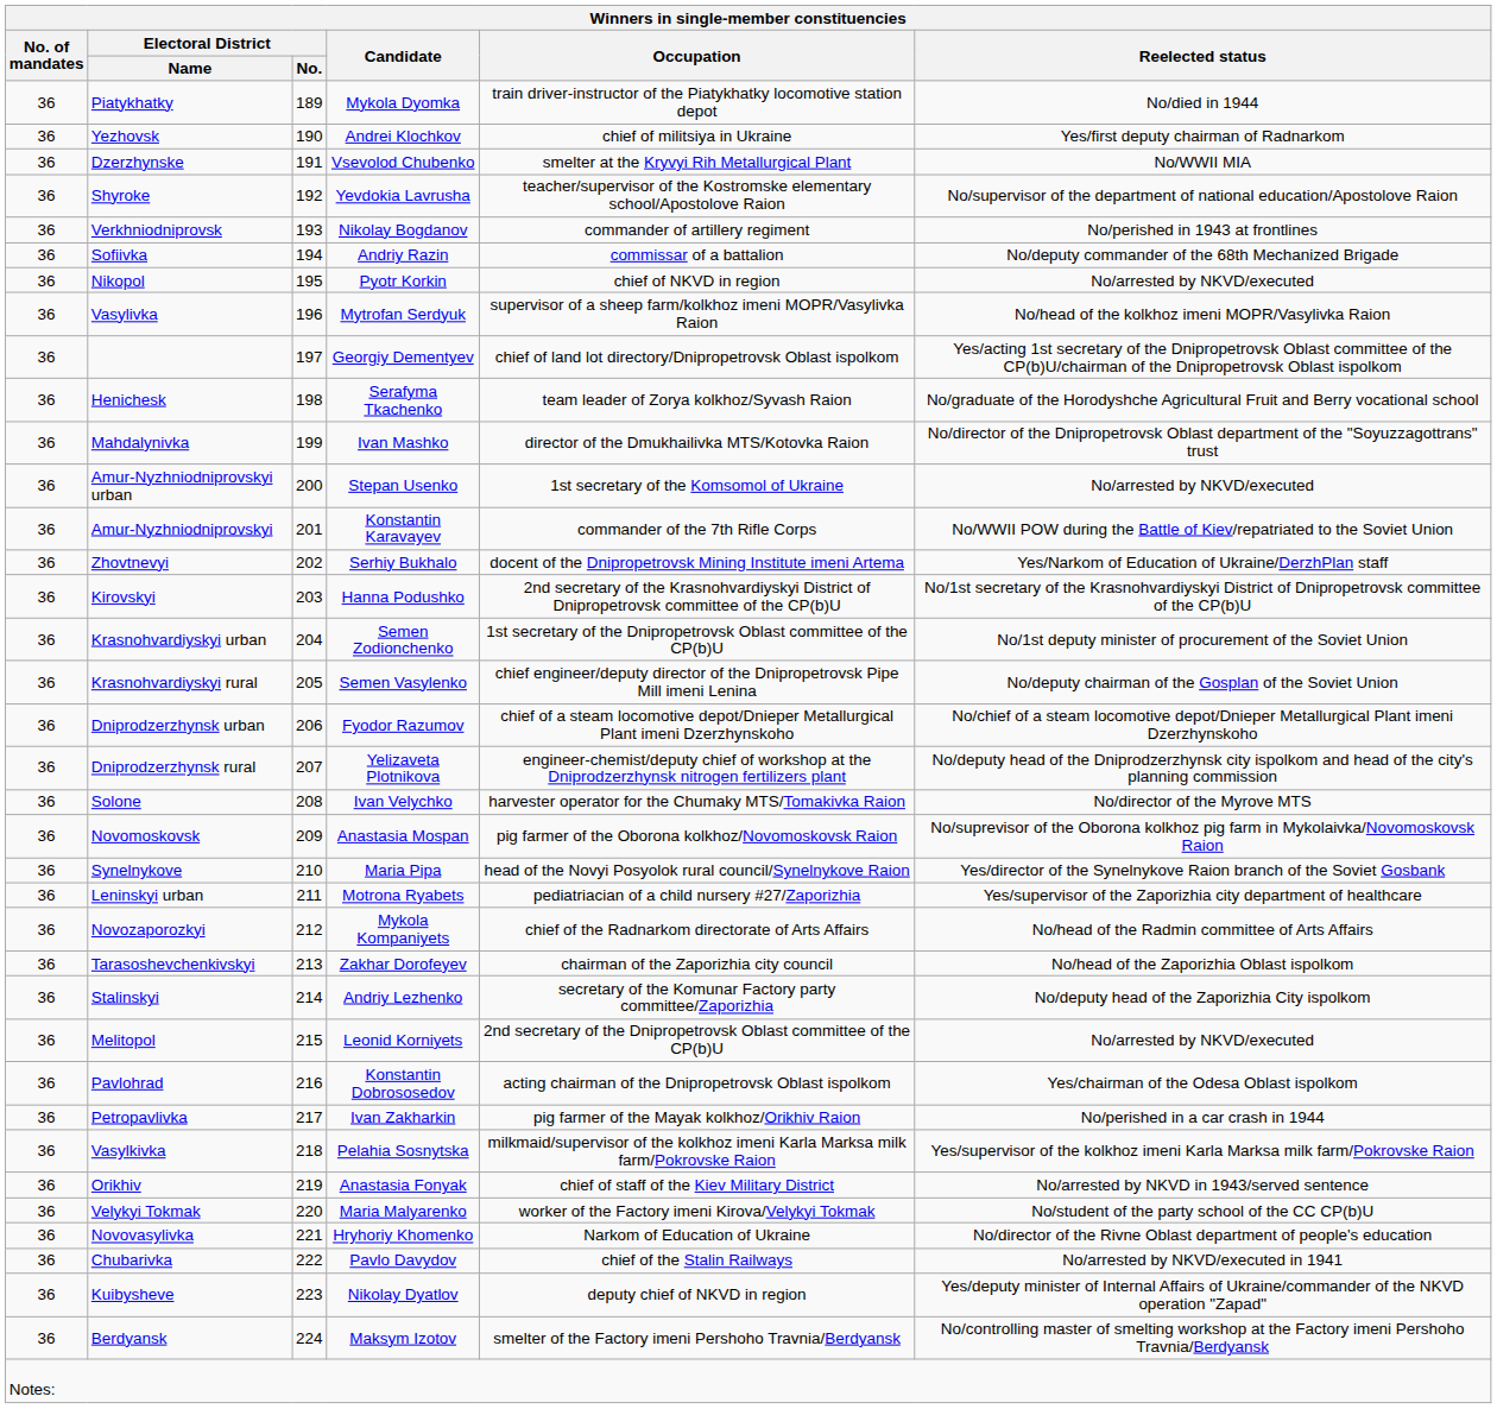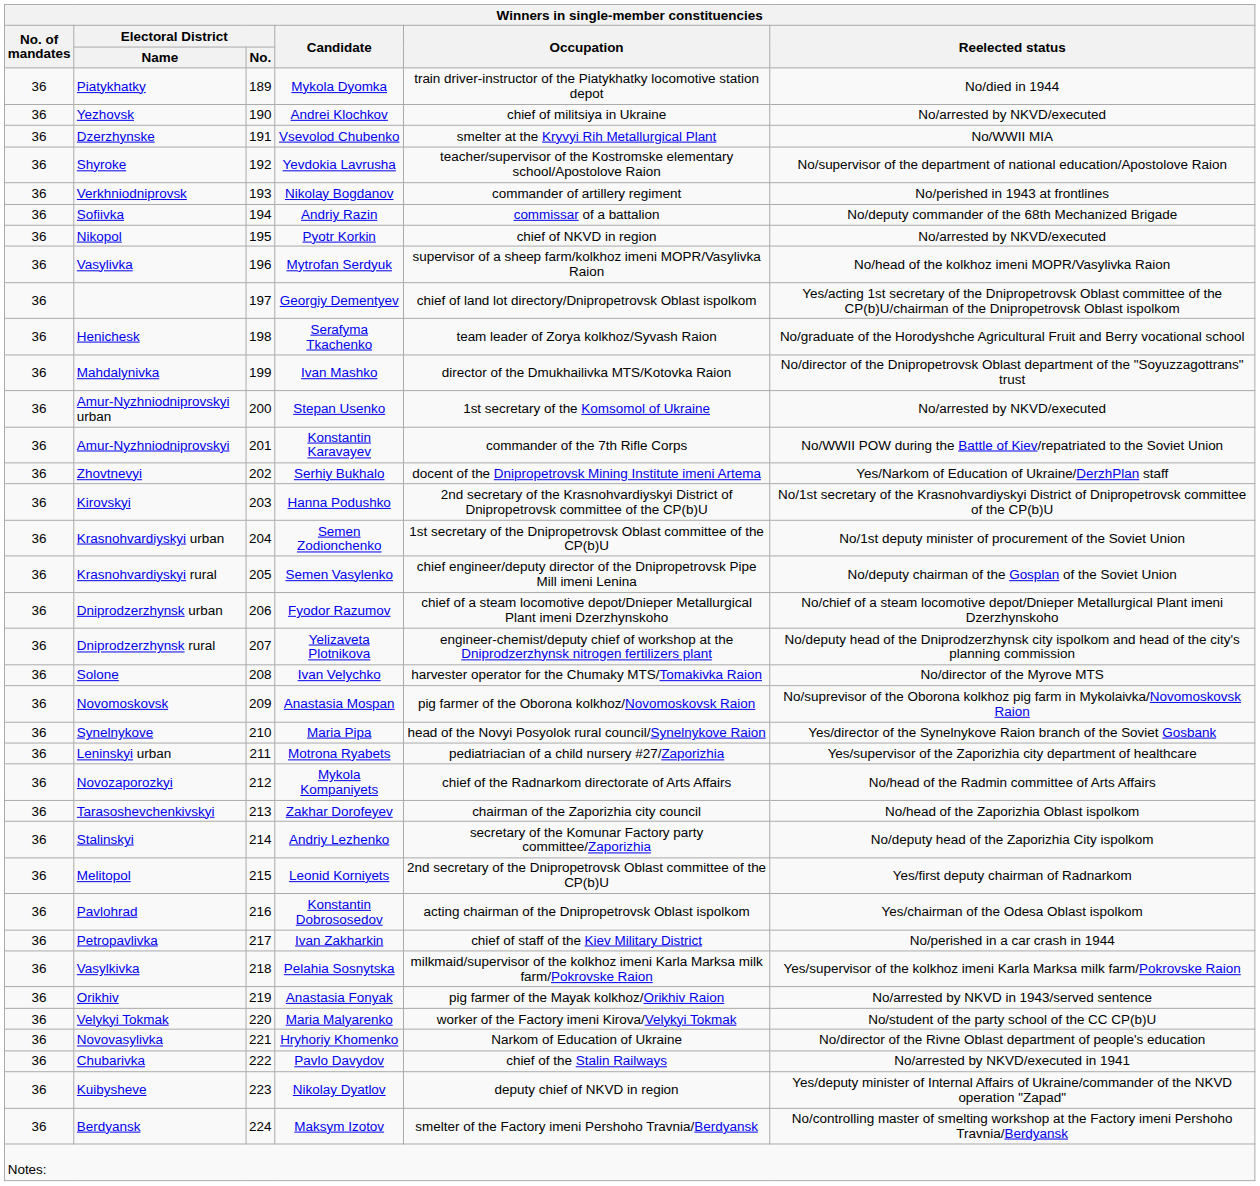 <table class="wikitable collapsible collapsed" style="width:100%; font-size:85%">
 <tr>
 <th colspan=6>Winners in single-member constituencies</th>
 </tr>
 <tr>
 <th rowspan=2 width=50>No. of mandates</th>
 <th colspan=2>Electoral District</th>
 <th rowspan=2>Candidate</th>
 <th rowspan=2>Occupation</th>
 <th rowspan=2>Reelected status</th>
 </tr>
 <tr>
 <th>Name</th>
 <th>No.</th>
 </tr>
 <tr>
 <td style="text-align: center">36</td>
 <td><a href='#'>Piatykhatky</a></td>
 <td style="text-align: center">189</td>
 <td style="text-align: center"><a href='#'>Mykola Dyomka</a></td>
 <td style="text-align: center">train driver-instructor of the Piatykhatky locomotive station depot</td>
 <td style="text-align: center">No/died in 1944</td>
 </tr>
 <tr>
 <td style="text-align: center">36</td>
 <td><a href='#'>Yezhovsk</a></td>
 <td style="text-align: center">190</td>
 <td style="text-align: center"><a href='#'>Andrei Klochkov</a></td>
 <td style="text-align: center">chief of militsiya in Ukraine</td>
-<td style="text-align: center">Yes/first deputy chairman of Radnarkom</td>
+<td style="text-align: center">No/arrested by NKVD/executed</td>
 </tr>
 <tr>
 <td style="text-align: center">36</td>
 <td><a href='#'>Dzerzhynske</a></td>
 <td style="text-align: center">191</td>
 <td style="text-align: center"><a href='#'>Vsevolod Chubenko</a></td>
 <td style="text-align: center">smelter at the <a href='#'>Kryvyi Rih Metallurgical Plant</a></td>
 <td style="text-align: center">No/WWII MIA</td>
 </tr>
 <tr>
 <td style="text-align: center">36</td>
 <td><a href='#'>Shyroke</a></td>
 <td style="text-align: center">192</td>
 <td style="text-align: center"><a href='#'>Yevdokia Lavrusha</a></td>
 <td style="text-align: center">teacher/supervisor of the Kostromske elementary school/Apostolove Raion</td>
 <td style="text-align: center">No/supervisor of the department of national education/Apostolove Raion</td>
 </tr>
 <tr>
 <td style="text-align: center">36</td>
 <td><a href='#'>Verkhniodniprovsk</a></td>
 <td style="text-align: center">193</td>
 <td style="text-align: center"><a href='#'>Nikolay Bogdanov</a></td>
 <td style="text-align: center">commander of artillery regiment</td>
 <td style="text-align: center">No/perished in 1943 at frontlines</td>
 </tr>
 <tr>
 <td style="text-align: center">36</td>
 <td><a href='#'>Sofiivka</a></td>
 <td style="text-align: center">194</td>
 <td style="text-align: center"><a href='#'>Andriy Razin</a></td>
 <td style="text-align: center"><a href='#'>commissar</a> of a battalion</td>
 <td style="text-align: center">No/deputy commander of the 68th Mechanized Brigade</td>
 </tr>
 <tr>
 <td style="text-align: center">36</td>
 <td><a href='#'>Nikopol</a></td>
 <td style="text-align: center">195</td>
 <td style="text-align: center"><a href='#'>Pyotr Korkin</a></td>
 <td style="text-align: center">chief of NKVD in region</td>
 <td style="text-align: center">No/arrested by NKVD/executed</td>
 </tr>
 <tr>
 <td style="text-align: center">36</td>
 <td><a href='#'>Vasylivka</a></td>
 <td style="text-align: center">196</td>
 <td style="text-align: center"><a href='#'>Mytrofan Serdyuk</a></td>
 <td style="text-align: center">supervisor of a sheep farm/kolkhoz imeni MOPR/Vasylivka Raion</td>
 <td style="text-align: center">No/head of the kolkhoz imeni MOPR/Vasylivka Raion</td>
 </tr>
 <tr>
 <td style="text-align: center">36</td>
 <td></td>
 <td style="text-align: center">197</td>
 <td style="text-align: center"><a href='#'>Georgiy Dementyev</a></td>
 <td style="text-align: center">chief of land lot directory/Dnipropetrovsk Oblast ispolkom</td>
 <td style="text-align: center">Yes/acting 1st secretary of the Dnipropetrovsk Oblast committee of the CP(b)U/chairman of the Dnipropetrovsk Oblast ispolkom</td>
 </tr>
 <tr>
 <td style="text-align: center">36</td>
 <td><a href='#'>Henichesk</a></td>
 <td style="text-align: center">198</td>
 <td style="text-align: center"><a href='#'>Serafyma Tkachenko</a></td>
 <td style="text-align: center">team leader of Zorya kolkhoz/Syvash Raion</td>
 <td style="text-align: center">No/graduate of the Horodyshche Agricultural Fruit and Berry vocational school</td>
 </tr>
 <tr>
 <td style="text-align: center">36</td>
 <td><a href='#'>Mahdalynivka</a></td>
 <td style="text-align: center">199</td>
 <td style="text-align: center"><a href='#'>Ivan Mashko</a></td>
 <td style="text-align: center">director of the Dmukhailivka MTS/Kotovka Raion</td>
 <td style="text-align: center">No/director of the Dnipropetrovsk Oblast department of the "Soyuzzagottrans" trust</td>
 </tr>
 <tr>
 <td style="text-align: center">36</td>
 <td><a href='#'>Amur-Nyzhniodniprovskyi</a> urban</td>
 <td style="text-align: center">200</td>
 <td style="text-align: center"><a href='#'>Stepan Usenko</a></td>
 <td style="text-align: center">1st secretary of the <a href='#'>Komsomol of Ukraine</a></td>
 <td style="text-align: center">No/arrested by NKVD/executed</td>
 </tr>
 <tr>
 <td style="text-align: center">36</td>
 <td><a href='#'>Amur-Nyzhniodniprovskyi</a></td>
 <td style="text-align: center">201</td>
 <td style="text-align: center"><a href='#'>Konstantin Karavayev</a></td>
 <td style="text-align: center">commander of the 7th Rifle Corps</td>
 <td style="text-align: center">No/WWII POW during the <a href='#'>Battle of Kiev</a>/repatriated to the Soviet Union</td>
 </tr>
 <tr>
 <td style="text-align: center">36</td>
 <td><a href='#'>Zhovtnevyi</a></td>
 <td style="text-align: center">202</td>
 <td style="text-align: center"><a href='#'>Serhiy Bukhalo</a></td>
 <td style="text-align: center">docent of the <a href='#'>Dnipropetrovsk Mining Institute imeni Artema</a></td>
 <td style="text-align: center">Yes/Narkom of Education of Ukraine/<a href='#'>DerzhPlan</a> staff</td>
 </tr>
 <tr>
 <td style="text-align: center">36</td>
 <td><a href='#'>Kirovskyi</a></td>
 <td style="text-align: center">203</td>
 <td style="text-align: center"><a href='#'>Hanna Podushko</a></td>
 <td style="text-align: center">2nd secretary of the Krasnohvardiyskyi District of Dnipropetrovsk committee of the CP(b)U</td>
 <td style="text-align: center">No/1st secretary of the Krasnohvardiyskyi District of Dnipropetrovsk committee of the CP(b)U</td>
 </tr>
 <tr>
 <td style="text-align: center">36</td>
 <td><a href='#'>Krasnohvardiyskyi</a> urban</td>
 <td style="text-align: center">204</td>
 <td style="text-align: center"><a href='#'>Semen Zodionchenko</a></td>
 <td style="text-align: center">1st secretary of the Dnipropetrovsk Oblast committee of the CP(b)U</td>
 <td style="text-align: center">No/1st deputy minister of procurement of the Soviet Union</td>
 </tr>
 <tr>
 <td style="text-align: center">36</td>
 <td><a href='#'>Krasnohvardiyskyi</a> rural</td>
 <td style="text-align: center">205</td>
 <td style="text-align: center"><a href='#'>Semen Vasylenko</a></td>
 <td style="text-align: center">chief engineer/deputy director of the Dnipropetrovsk Pipe Mill imeni Lenina</td>
 <td style="text-align: center">No/deputy chairman of the <a href='#'>Gosplan</a> of the Soviet Union</td>
 </tr>
 <tr>
 <td style="text-align: center">36</td>
 <td><a href='#'>Dniprodzerzhynsk</a> urban</td>
 <td style="text-align: center">206</td>
 <td style="text-align: center"><a href='#'>Fyodor Razumov</a></td>
 <td style="text-align: center">chief of a steam locomotive depot/Dnieper Metallurgical Plant imeni Dzerzhynskoho</td>
 <td style="text-align: center">No/chief of a steam locomotive depot/Dnieper Metallurgical Plant imeni Dzerzhynskoho</td>
 </tr>
 <tr>
 <td style="text-align: center">36</td>
 <td><a href='#'>Dniprodzerzhynsk</a> rural</td>
 <td style="text-align: center">207</td>
 <td style="text-align: center"><a href='#'>Yelizaveta Plotnikova</a></td>
 <td style="text-align: center">engineer-chemist/deputy chief of workshop at the <a href='#'>Dniprodzerzhynsk nitrogen fertilizers plant</a></td>
 <td style="text-align: center">No/deputy head of the Dniprodzerzhynsk city ispolkom and head of the city's planning commission</td>
 </tr>
 <tr>
 <td style="text-align: center">36</td>
 <td><a href='#'>Solone</a></td>
 <td style="text-align: center">208</td>
 <td style="text-align: center"><a href='#'>Ivan Velychko</a></td>
 <td style="text-align: center">harvester operator for the Chumaky MTS/<a href='#'>Tomakivka Raion</a></td>
 <td style="text-align: center">No/director of the Myrove MTS</td>
 </tr>
 <tr>
 <td style="text-align: center">36</td>
 <td><a href='#'>Novomoskovsk</a></td>
 <td style="text-align: center">209</td>
 <td style="text-align: center"><a href='#'>Anastasia Mospan</a></td>
 <td style="text-align: center">pig farmer of the Oborona kolkhoz/<a href='#'>Novomoskovsk Raion</a></td>
 <td style="text-align: center">No/suprevisor of the Oborona kolkhoz pig farm in Mykolaivka/<a href='#'>Novomoskovsk Raion</a></td>
 </tr>
 <tr>
 <td style="text-align: center">36</td>
 <td><a href='#'>Synelnykove</a></td>
 <td style="text-align: center">210</td>
 <td style="text-align: center"><a href='#'>Maria Pipa</a></td>
 <td style="text-align: center">head of the Novyi Posyolok rural council/<a href='#'>Synelnykove Raion</a></td>
 <td style="text-align: center">Yes/director of the Synelnykove Raion branch of the Soviet <a href='#'>Gosbank</a></td>
 </tr>
 <tr>
 <td style="text-align: center">36</td>
 <td><a href='#'>Leninskyi</a> urban</td>
 <td style="text-align: center">211</td>
 <td style="text-align: center"><a href='#'>Motrona Ryabets</a></td>
 <td style="text-align: center">pediatriacian of a child nursery #27/<a href='#'>Zaporizhia</a></td>
 <td style="text-align: center">Yes/supervisor of the Zaporizhia city department of healthcare</td>
 </tr>
 <tr>
 <td style="text-align: center">36</td>
 <td><a href='#'>Novozaporozkyi</a></td>
 <td style="text-align: center">212</td>
 <td style="text-align: center"><a href='#'>Mykola Kompaniyets</a></td>
 <td style="text-align: center">chief of the Radnarkom directorate of Arts Affairs</td>
 <td style="text-align: center">No/head of the Radmin committee of Arts Affairs</td>
 </tr>
 <tr>
 <td style="text-align: center">36</td>
 <td><a href='#'>Tarasoshevchenkivskyi</a></td>
 <td style="text-align: center">213</td>
 <td style="text-align: center"><a href='#'>Zakhar Dorofeyev</a></td>
 <td style="text-align: center">chairman of the Zaporizhia city council</td>
 <td style="text-align: center">No/head of the Zaporizhia Oblast ispolkom</td>
 </tr>
 <tr>
 <td style="text-align: center">36</td>
 <td><a href='#'>Stalinskyi</a></td>
 <td style="text-align: center">214</td>
 <td style="text-align: center"><a href='#'>Andriy Lezhenko</a></td>
 <td style="text-align: center">secretary of the Komunar Factory party committee/<a href='#'>Zaporizhia</a></td>
 <td style="text-align: center">No/deputy head of the Zaporizhia City ispolkom</td>
 </tr>
 <tr>
 <td style="text-align: center">36</td>
 <td><a href='#'>Melitopol</a></td>
 <td style="text-align: center">215</td>
 <td style="text-align: center"><a href='#'>Leonid Korniyets</a></td>
 <td style="text-align: center">2nd secretary of the Dnipropetrovsk Oblast committee of the CP(b)U</td>
-<td style="text-align: center">No/arrested by NKVD/executed</td>
+<td style="text-align: center">Yes/first deputy chairman of Radnarkom</td>
 </tr>
 <tr>
 <td style="text-align: center">36</td>
 <td><a href='#'>Pavlohrad</a></td>
 <td style="text-align: center">216</td>
 <td style="text-align: center"><a href='#'>Konstantin Dobrososedov</a></td>
 <td style="text-align: center">acting chairman of the Dnipropetrovsk Oblast ispolkom</td>
 <td style="text-align: center">Yes/chairman of the Odesa Oblast ispolkom</td>
 </tr>
 <tr>
 <td style="text-align: center">36</td>
 <td><a href='#'>Petropavlivka</a></td>
 <td style="text-align: center">217</td>
 <td style="text-align: center"><a href='#'>Ivan Zakharkin</a></td>
-<td style="text-align: center">pig farmer of the Mayak kolkhoz/<a href='#'>Orikhiv Raion</a></td>
+<td style="text-align: center">chief of staff of the <a href='#'>Kiev Military District</a></td>
 <td style="text-align: center">No/perished in a car crash in 1944</td>
 </tr>
 <tr>
 <td style="text-align: center">36</td>
 <td><a href='#'>Vasylkivka</a></td>
 <td style="text-align: center">218</td>
 <td style="text-align: center"><a href='#'>Pelahia Sosnytska</a></td>
 <td style="text-align: center">milkmaid/supervisor of the kolkhoz imeni Karla Marksa milk farm/<a href='#'>Pokrovske Raion</a></td>
 <td style="text-align: center">Yes/supervisor of the kolkhoz imeni Karla Marksa milk farm/<a href='#'>Pokrovske Raion</a></td>
 </tr>
 <tr>
 <td style="text-align: center">36</td>
 <td><a href='#'>Orikhiv</a></td>
 <td style="text-align: center">219</td>
 <td style="text-align: center"><a href='#'>Anastasia Fonyak</a></td>
-<td style="text-align: center">chief of staff of the <a href='#'>Kiev Military District</a></td>
+<td style="text-align: center">pig farmer of the Mayak kolkhoz/<a href='#'>Orikhiv Raion</a></td>
 <td style="text-align: center">No/arrested by NKVD in 1943/served sentence</td>
 </tr>
 <tr>
 <td style="text-align: center">36</td>
 <td><a href='#'>Velykyi Tokmak</a></td>
 <td style="text-align: center">220</td>
 <td style="text-align: center"><a href='#'>Maria Malyarenko</a></td>
 <td style="text-align: center">worker of the Factory imeni Kirova/<a href='#'>Velykyi Tokmak</a></td>
 <td style="text-align: center">No/student of the party school of the CC CP(b)U</td>
 </tr>
 <tr>
 <td style="text-align: center">36</td>
 <td><a href='#'>Novovasylivka</a></td>
 <td style="text-align: center">221</td>
 <td style="text-align: center"><a href='#'>Hryhoriy Khomenko</a></td>
 <td style="text-align: center">Narkom of Education of Ukraine</td>
 <td style="text-align: center">No/director of the Rivne Oblast department of people's education</td>
 </tr>
 <tr>
 <td style="text-align: center">36</td>
 <td><a href='#'>Chubarivka</a></td>
 <td style="text-align: center">222</td>
 <td style="text-align: center"><a href='#'>Pavlo Davydov</a></td>
 <td style="text-align: center">chief of the <a href='#'>Stalin Railways</a></td>
 <td style="text-align: center">No/arrested by NKVD/executed in 1941</td>
 </tr>
 <tr>
 <td style="text-align: center">36</td>
 <td><a href='#'>Kuibysheve</a></td>
 <td style="text-align: center">223</td>
 <td style="text-align: center"><a href='#'>Nikolay Dyatlov</a></td>
 <td style="text-align: center">deputy chief of NKVD in region</td>
 <td style="text-align: center">Yes/deputy minister of Internal Affairs of Ukraine/commander of the NKVD operation "Zapad"</td>
 </tr>
 <tr>
 <td style="text-align: center">36</td>
 <td><a href='#'>Berdyansk</a></td>
 <td style="text-align: center">224</td>
 <td style="text-align: center"><a href='#'>Maksym Izotov</a></td>
 <td style="text-align: center">smelter of the Factory imeni Pershoho Travnia/<a href='#'>Berdyansk</a></td>
 <td style="text-align: center">No/controlling master of smelting workshop at the Factory imeni Pershoho Travnia/<a href='#'>Berdyansk</a></td>
 </tr>
 <tr>
 <td colspan=9 align=left><br>Notes:</td>
 </tr>
 </table>
